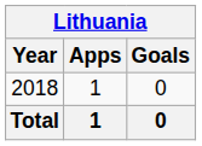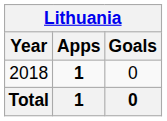 <table class="wikitable" style="text-align:center">
 <tr>
 <th colspan=3><a href='#'>Lithuania</a></th>
 </tr>
 <tr>
 <th>Year</th>
 <th>Apps</th>
 <th>Goals</th>
 </tr>
 <tr>
 <td>2018</td>
-<td>1</td>
+<td><strong>1</strong></td>
 <td>0</td>
 </tr>
 <tr>
 <th>Total</th>
 <th>1</th>
 <th>0</th>
 </tr>
 </table>
